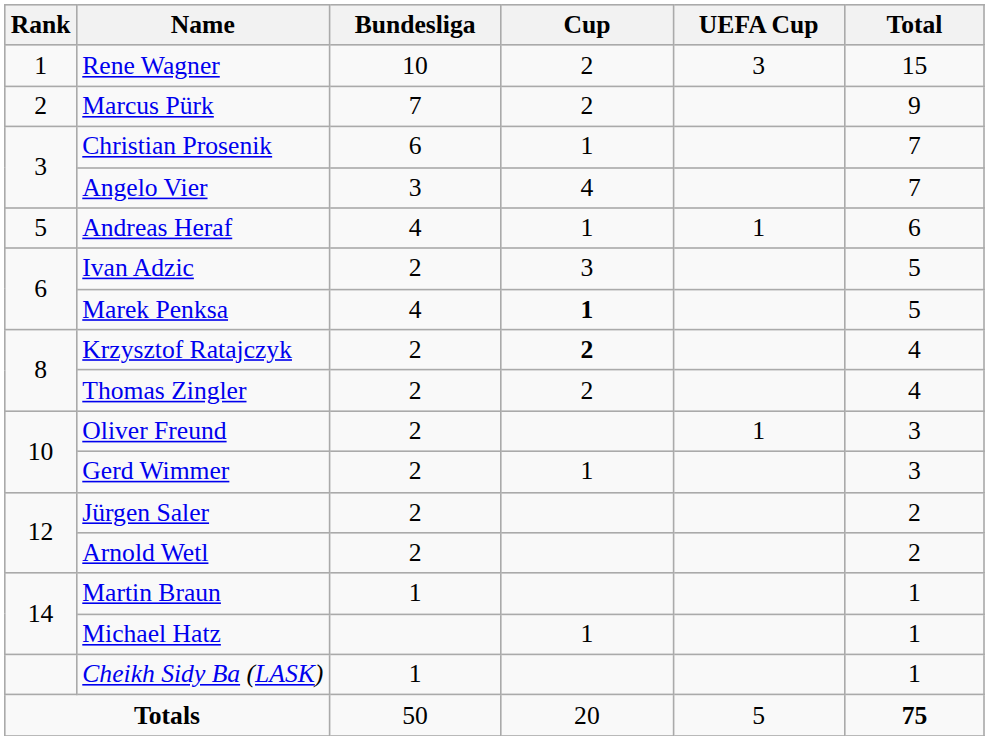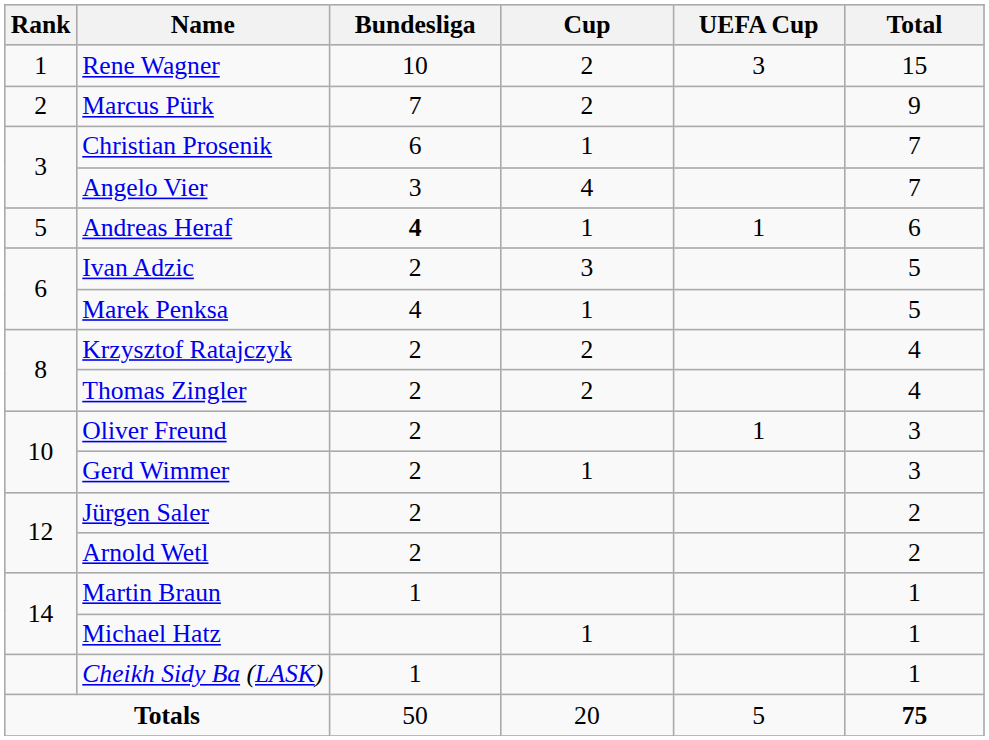 <table class="wikitable" style="text-align: center;">
 <tr>
 <th>Rank</th>
 <th>Name</th>
 <th width=100>Bundesliga</th>
 <th width=100>Cup</th>
 <th width=100>UEFA Cup</th>
 <th width=80><strong>Total</strong></th>
 </tr>
 <tr>
 <td>1</td>
 <td align="left"> <a href='#'>Rene Wagner</a></td>
 <td>10</td>
 <td>2</td>
 <td>3</td>
 <td>15</td>
 </tr>
 <tr>
 <td>2</td>
 <td align="left"> <a href='#'>Marcus Pürk</a></td>
 <td>7</td>
 <td>2</td>
 <td></td>
 <td>9</td>
 </tr>
 <tr>
 <td rowspan="2">3</td>
 <td align="left"> <a href='#'>Christian Prosenik</a></td>
 <td>6</td>
 <td>1</td>
 <td></td>
 <td>7</td>
 </tr>
 <tr>
 <td align="left"> <a href='#'>Angelo Vier</a></td>
 <td>3</td>
 <td>4</td>
 <td></td>
 <td>7</td>
 </tr>
 <tr>
 <td>5</td>
 <td align="left"> <a href='#'>Andreas Heraf</a></td>
-<td>4</td>
+<td><strong>4</strong></td>
 <td>1</td>
 <td>1</td>
 <td>6</td>
 </tr>
 <tr>
 <td rowspan="2">6</td>
 <td align="left"> <a href='#'>Ivan Adzic</a></td>
 <td>2</td>
 <td>3</td>
 <td></td>
 <td>5</td>
 </tr>
 <tr>
 <td align="left"> <a href='#'>Marek Penksa</a></td>
 <td>4</td>
-<td><strong>1</strong></td>
+<td>1</td>
 <td></td>
 <td>5</td>
 </tr>
 <tr>
 <td rowspan="2">8</td>
 <td align="left"> <a href='#'>Krzysztof Ratajczyk</a></td>
 <td>2</td>
-<td><strong>2</strong></td>
+<td>2</td>
 <td></td>
 <td>4</td>
 </tr>
 <tr>
 <td align="left"> <a href='#'>Thomas Zingler</a></td>
 <td>2</td>
 <td>2</td>
 <td></td>
 <td>4</td>
 </tr>
 <tr>
 <td rowspan="2">10</td>
 <td align="left"> <a href='#'>Oliver Freund</a></td>
 <td>2</td>
 <td></td>
 <td>1</td>
 <td>3</td>
 </tr>
 <tr>
 <td align="left"> <a href='#'>Gerd Wimmer</a></td>
 <td>2</td>
 <td>1</td>
 <td></td>
 <td>3</td>
 </tr>
 <tr>
 <td rowspan="2">12</td>
 <td align="left"> <a href='#'>Jürgen Saler</a></td>
 <td>2</td>
 <td></td>
 <td></td>
 <td>2</td>
 </tr>
 <tr>
 <td align="left"> <a href='#'>Arnold Wetl</a></td>
 <td>2</td>
 <td></td>
 <td></td>
 <td>2</td>
 </tr>
 <tr>
 <td rowspan="2">14</td>
 <td align="left"> <a href='#'>Martin Braun</a></td>
 <td>1</td>
 <td></td>
 <td></td>
 <td>1</td>
 </tr>
 <tr>
 <td align="left"> <a href='#'>Michael Hatz</a></td>
 <td></td>
 <td>1</td>
 <td></td>
 <td>1</td>
 </tr>
 <tr>
 <td rowspan="1"></td>
 <td align="left"> <em><a href='#'>Cheikh Sidy Ba</a> (<a href='#'>LASK</a>)</em></td>
 <td>1</td>
 <td></td>
 <td></td>
 <td>1</td>
 </tr>
 <tr>
 <td colspan="2"><strong>Totals</strong></td>
 <td>50</td>
 <td>20</td>
 <td>5</td>
 <td><strong>75</strong></td>
 </tr>
 </table>
